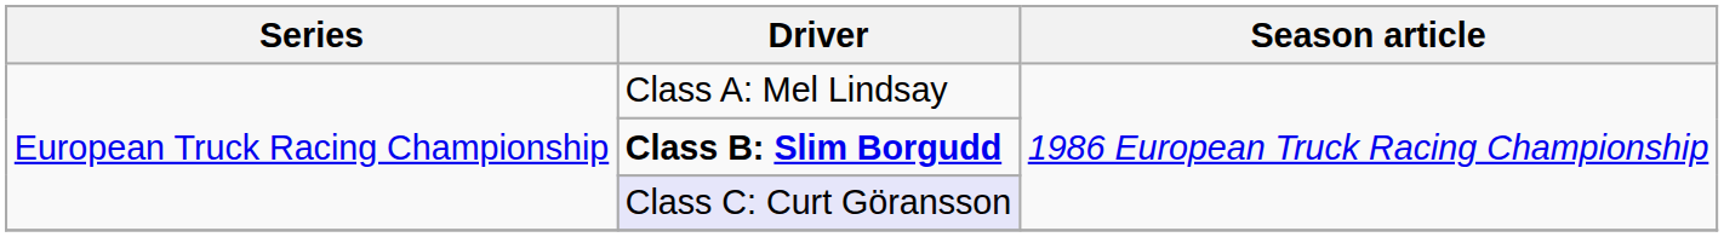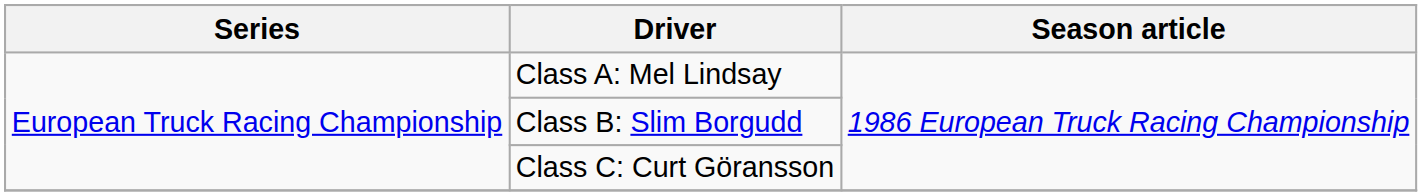 <table class="wikitable" style="font-size: 87%;">
 <tr>
 <th>Series</th>
 <th>Driver</th>
 <th>Season article</th>
 </tr>
 <tr>
 <td rowspan=3><a href='#'>European Truck Racing Championship</a></td>
 <td>Class A:  Mel Lindsay</td>
 <td rowspan=3><em><a href='#'>1986 European Truck Racing Championship</a></em></td>
 </tr>
 <tr>
-<td><strong>Class B:  <a href='#'>Slim Borgudd</a></strong></td>
+<td>Class B:  <a href='#'>Slim Borgudd</a></td>
 </tr>
 <tr>
-<td style="background: lavender;">Class C:  Curt Göransson</td>
+<td>Class C:  Curt Göransson</td>
 </tr>
 <tr>
 </tr>
 </table>
